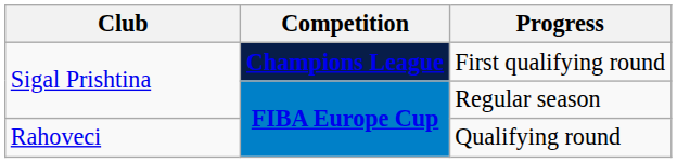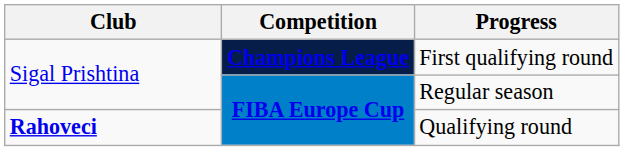 <table class="wikitable sortable">
 <tr>
 <th>Club</th>
 <th>Competition</th>
 <th>Progress</th>
 </tr>
 <tr>
 <td width=150 rowspan=2><a href='#'>Sigal Prishtina</a></td>
 <td style="background-color:#071D49;color:#D0D3D4;text-align:center"><strong><a href='#'><span>Champions League</span></a></strong></td>
 <td>First qualifying round</td>
 </tr>
 <tr>
 <td rowspan=2 style="background-color:#0080C8;color:white;text-align:center"><strong><a href='#'><span>FIBA Europe Cup</span></a></strong></td>
 <td>Regular season</td>
 </tr>
 <tr>
-<td><a href='#'>Rahoveci</a></td>
+<td><strong><a href='#'>Rahoveci</a></strong></td>
 <td>Qualifying round</td>
 </tr>
 </table>
